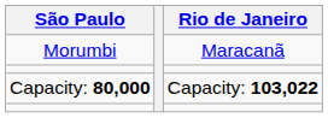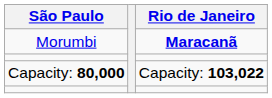 <table class="wikitable" style="text-align:center">
 <tr>
 <th><a href='#'>São Paulo</a></th>
 <th rowspan=5></th>
 <th><a href='#'>Rio de Janeiro</a></th>
 </tr>
 <tr>
 <td><a href='#'>Morumbi</a></td>
-<td><a href='#'>Maracanã</a></td>
+<td><strong><a href='#'>Maracanã</a></strong></td>
 </tr>
 <tr>
 <td></td>
 <td></td>
 </tr>
 <tr>
 <td>Capacity: <strong>80,000</strong></td>
 <td>Capacity: <strong>103,022</strong></td>
 </tr>
 <tr>
 <td></td>
 <td></td>
 </tr>
 </table>
